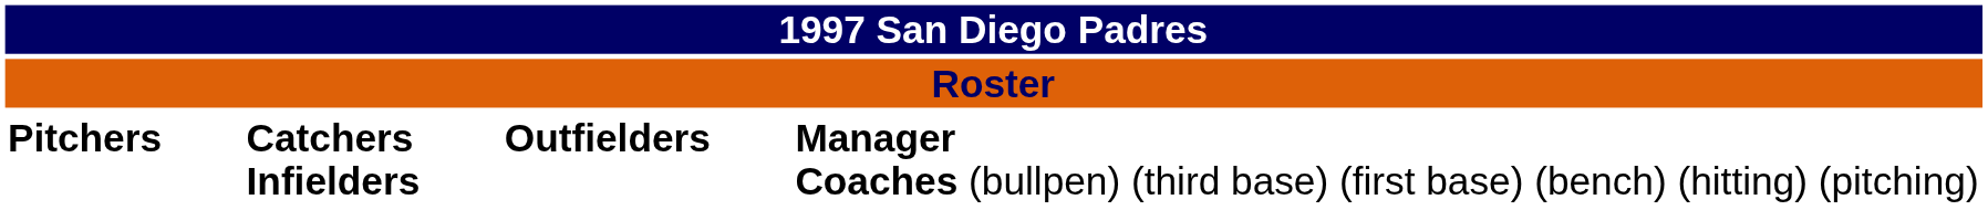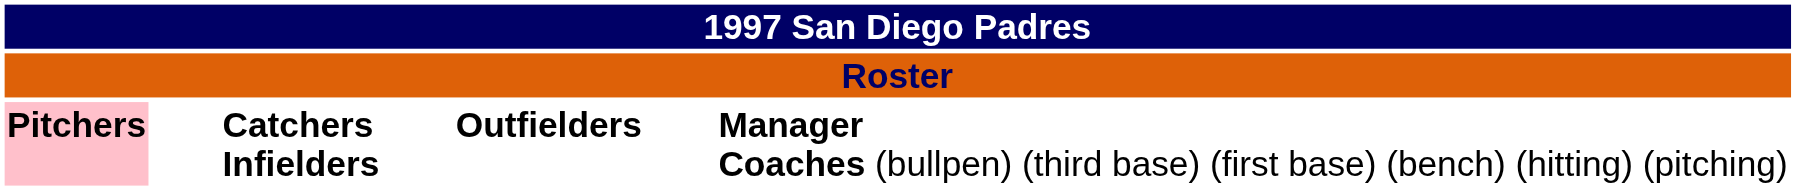 <table class="toccolours" style="font-size: 95%;">
 <tr>
 <th colspan="10" style="background-color: #000066;; color: #FFFFFF; text-align: center;">1997 San Diego Padres</th>
 </tr>
 <tr>
 <td colspan="10" style="background-color: #de6108; color: #000066; text-align: center;"><strong>Roster</strong></td>
 </tr>
 <tr>
-<td valign="top"><strong>Pitchers</strong><br>                    </td>
+<td valign="top" style="background: pink;"><strong>Pitchers</strong><br>                    </td>
 <td width="25px"></td>
 <td valign="top"><strong>Catchers</strong><br>    <strong>Infielders</strong>           </td>
 <td width="25px"></td>
 <td valign="top"><strong>Outfielders</strong><br>        </td>
 <td width="25px"></td>
 <td valign="top"><strong>Manager</strong><br> <strong>Coaches</strong>  (bullpen)  (third base)  (first base)  (bench)  (hitting)  (pitching)</td>
 </tr>
 </table>
